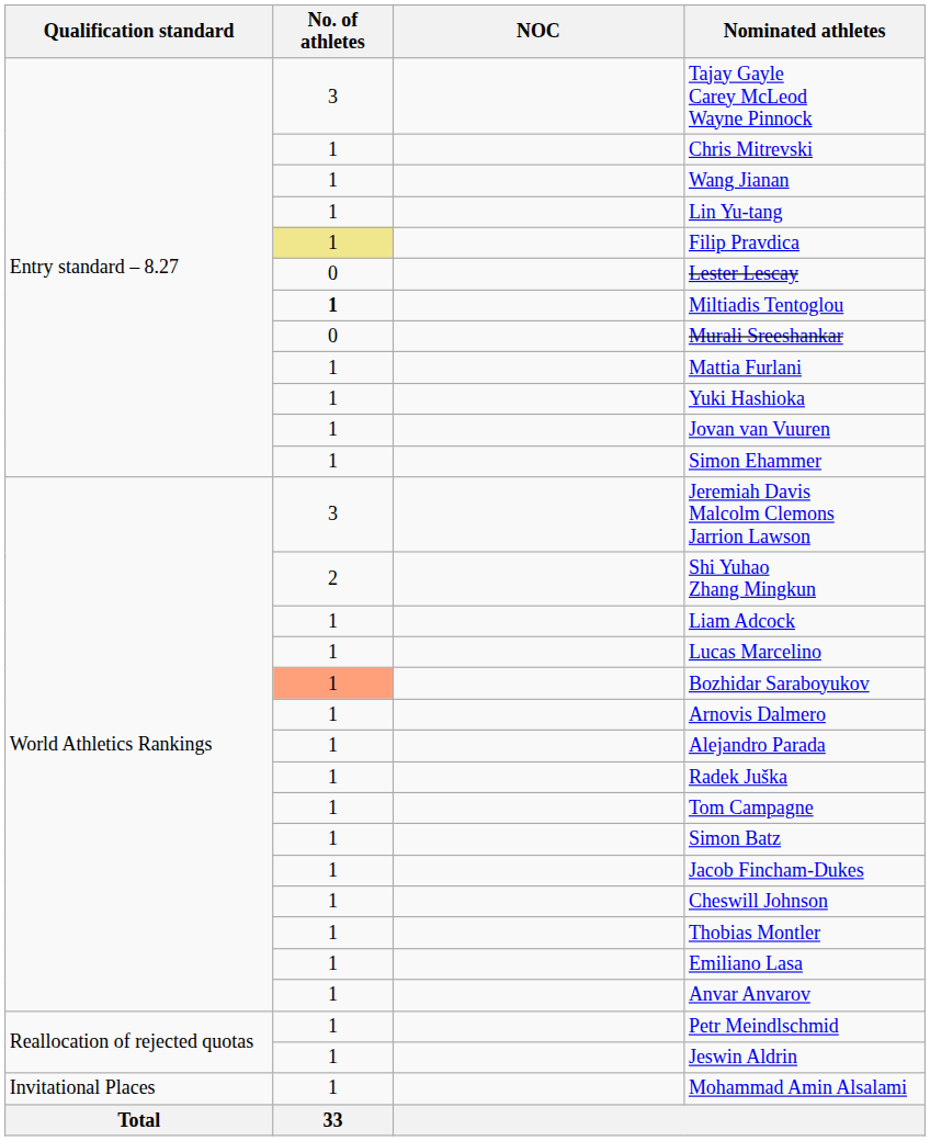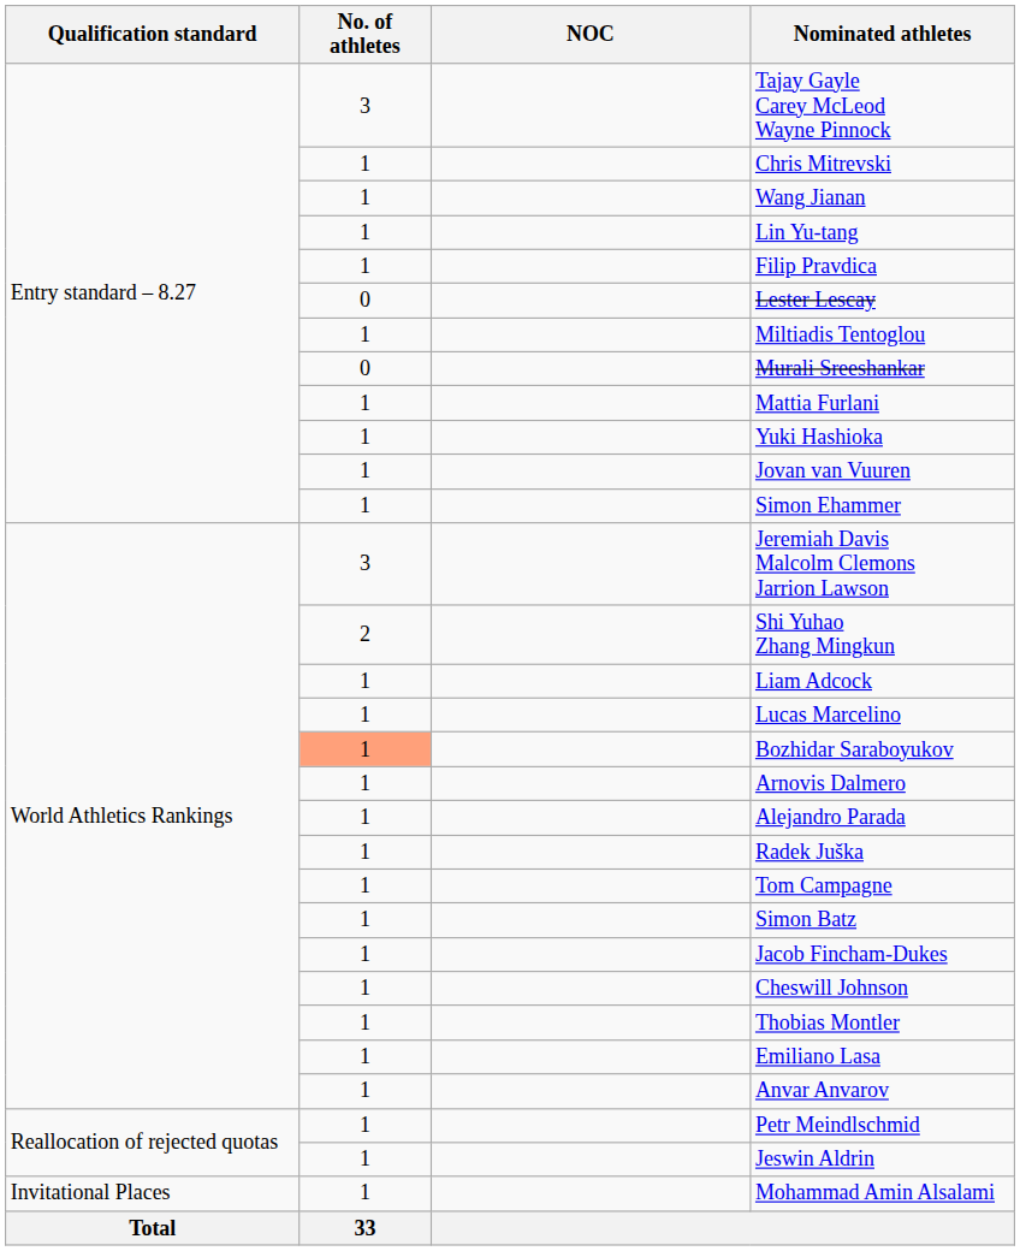 <table class="wikitable sortable" style="text-align:left; width:750px;">
 <tr>
 <th>Qualification standard</th>
 <th width=90>No. of athletes</th>
 <th width=230>NOC</th>
 <th>Nominated athletes</th>
 </tr>
 <tr>
 <td rowspan=12>Entry standard – 8.27</td>
 <td align=center>3</td>
 <td></td>
 <td><a href='#'>Tajay Gayle</a><br><a href='#'>Carey McLeod</a><br><a href='#'>Wayne Pinnock</a></td>
 </tr>
 <tr>
 <td align=center>1</td>
 <td></td>
 <td><a href='#'>Chris Mitrevski</a></td>
 </tr>
 <tr>
 <td align=center>1</td>
 <td></td>
 <td><a href='#'>Wang Jianan</a></td>
 </tr>
 <tr>
 <td align=center>1</td>
 <td></td>
 <td><a href='#'>Lin Yu-tang</a></td>
 </tr>
 <tr>
-<td align=center style="background: khaki;">1</td>
+<td align=center>1</td>
 <td></td>
 <td><a href='#'>Filip Pravdica</a></td>
 </tr>
 <tr>
 <td align=center>0</td>
 <td><s></s></td>
 <td><s><a href='#'>Lester Lescay</a></s></td>
 </tr>
 <tr>
-<td align=center><strong>1</strong></td>
+<td align=center>1</td>
 <td></td>
 <td><a href='#'>Miltiadis Tentoglou</a></td>
 </tr>
 <tr>
 <td align=center>0</td>
 <td><s></s></td>
 <td><s><a href='#'>Murali Sreeshankar</a></s></td>
 </tr>
 <tr>
 <td align=center>1</td>
 <td></td>
 <td><a href='#'>Mattia Furlani</a></td>
 </tr>
 <tr>
 <td align=center>1</td>
 <td></td>
 <td><a href='#'>Yuki Hashioka</a></td>
 </tr>
 <tr>
 <td align=center>1</td>
 <td></td>
 <td><a href='#'>Jovan van Vuuren</a></td>
 </tr>
 <tr>
 <td align=center>1</td>
 <td></td>
 <td><a href='#'>Simon Ehammer</a></td>
 </tr>
 <tr>
 <td rowspan="15">World Athletics Rankings</td>
 <td align=center>3</td>
 <td></td>
 <td rowspan="1"><a href='#'>Jeremiah Davis</a><br><a href='#'>Malcolm Clemons</a><br><a href='#'>Jarrion Lawson</a></td>
 </tr>
 <tr>
 <td align=center>2</td>
 <td></td>
 <td rowspan="1"><a href='#'>Shi Yuhao</a><br><a href='#'>Zhang Mingkun</a></td>
 </tr>
 <tr>
 <td align=center>1</td>
 <td rowspan="1"></td>
 <td><a href='#'>Liam Adcock</a></td>
 </tr>
 <tr>
 <td align=center>1</td>
 <td></td>
 <td><a href='#'>Lucas Marcelino</a></td>
 </tr>
 <tr>
 <td align=center style="background: lightsalmon;">1</td>
 <td></td>
 <td><a href='#'>Bozhidar Saraboyukov</a></td>
 </tr>
 <tr>
 <td align=center>1</td>
 <td></td>
 <td><a href='#'>Arnovis Dalmero</a></td>
 </tr>
 <tr>
 <td align=center>1</td>
 <td rowspan="1"></td>
 <td><a href='#'>Alejandro Parada</a></td>
 </tr>
 <tr>
 <td align=center>1</td>
 <td rowspan="1"></td>
 <td><a href='#'>Radek Juška</a></td>
 </tr>
 <tr>
 <td align=center>1</td>
 <td></td>
 <td><a href='#'>Tom Campagne</a></td>
 </tr>
 <tr>
 <td align=center>1</td>
 <td></td>
 <td><a href='#'>Simon Batz</a></td>
 </tr>
 <tr>
 <td align=center>1</td>
 <td></td>
 <td><a href='#'>Jacob Fincham-Dukes</a></td>
 </tr>
 <tr>
 <td align=center>1</td>
 <td></td>
 <td><a href='#'>Cheswill Johnson</a></td>
 </tr>
 <tr>
 <td align=center>1</td>
 <td></td>
 <td><a href='#'>Thobias Montler</a></td>
 </tr>
 <tr>
 <td align=center>1</td>
 <td></td>
 <td><a href='#'>Emiliano Lasa</a></td>
 </tr>
 <tr>
 <td align=center>1</td>
 <td></td>
 <td><a href='#'>Anvar Anvarov</a></td>
 </tr>
 <tr>
 <td rowspan=2>Reallocation of rejected quotas</td>
 <td align=center>1</td>
 <td rowspan="1"></td>
 <td><a href='#'>Petr Meindlschmid</a></td>
 </tr>
 <tr>
 <td align=center>1</td>
 <td></td>
 <td><a href='#'>Jeswin Aldrin</a></td>
 </tr>
 <tr>
 <td rowspan=1>Invitational Places</td>
 <td align=center>1</td>
 <td></td>
 <td><a href='#'>Mohammad Amin Alsalami</a></td>
 </tr>
 <tr>
 <th>Total</th>
 <th>33</th>
 <th colspan=2></th>
 </tr>
 </table>
